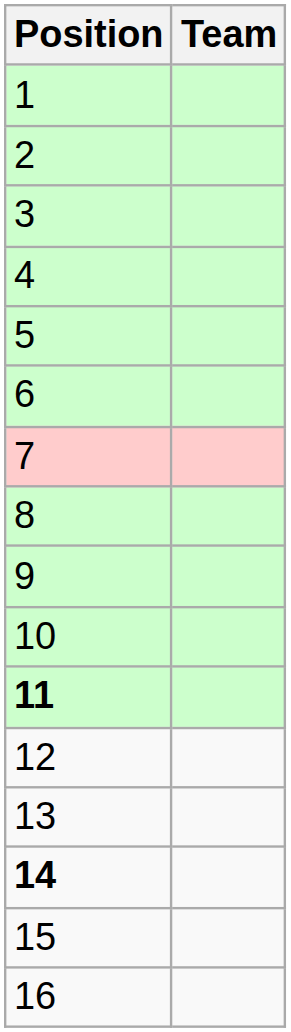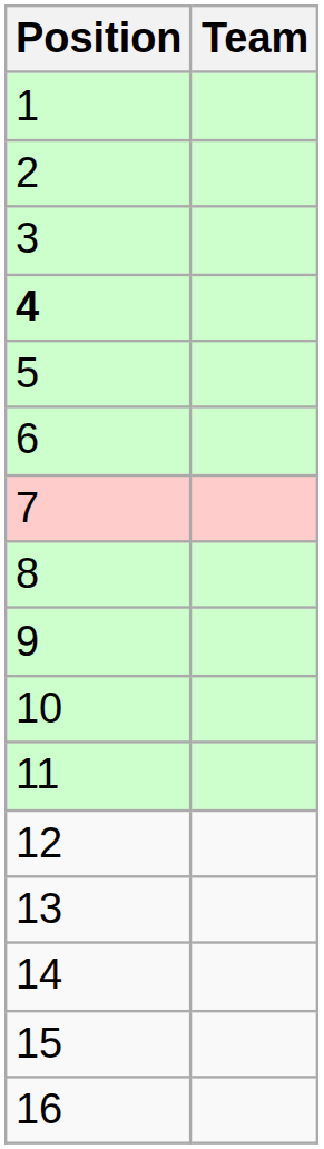 <table class="wikitable">
 <tr>
 <th>Position</th>
 <th>Team</th>
 </tr>
 <tr style="background:#cfc;">
 <td>1</td>
 <td></td>
 </tr>
 <tr style="background:#cfc;">
 <td>2</td>
 <td></td>
 </tr>
 <tr style="background:#cfc;">
 <td>3</td>
 <td></td>
 </tr>
 <tr style="background:#cfc;">
-<td>4</td>
+<td><strong>4</strong></td>
 <td></td>
 </tr>
 <tr style="background:#cfc;">
 <td>5</td>
 <td></td>
 </tr>
 <tr style="background:#cfc;">
 <td>6</td>
 <td></td>
 </tr>
 <tr style="background:#FFCCCC">
 <td>7</td>
 <td></td>
 </tr>
 <tr style="background:#cfc;">
 <td>8</td>
 <td></td>
 </tr>
 <tr style="background:#cfc;">
 <td>9</td>
 <td></td>
 </tr>
 <tr style="background:#cfc;">
 <td>10</td>
 <td></td>
 </tr>
 <tr style="background:#cfc;">
-<td><strong>11</strong></td>
+<td>11</td>
 <td></td>
 </tr>
 <tr style="background:#FF FA CD;">
 <td>12</td>
 <td></td>
 </tr>
 <tr style="background:#FF FA CD;">
 <td>13</td>
 <td></td>
 </tr>
 <tr style="background:#FF FA CD;">
-<td><strong>14</strong></td>
+<td>14</td>
 <td></td>
 </tr>
 <tr style="background:#FF FA CD;">
 <td>15</td>
 <td></td>
 </tr>
 <tr style="background:#FF FA CD;">
 <td>16</td>
 <td></td>
 </tr>
 </table>
